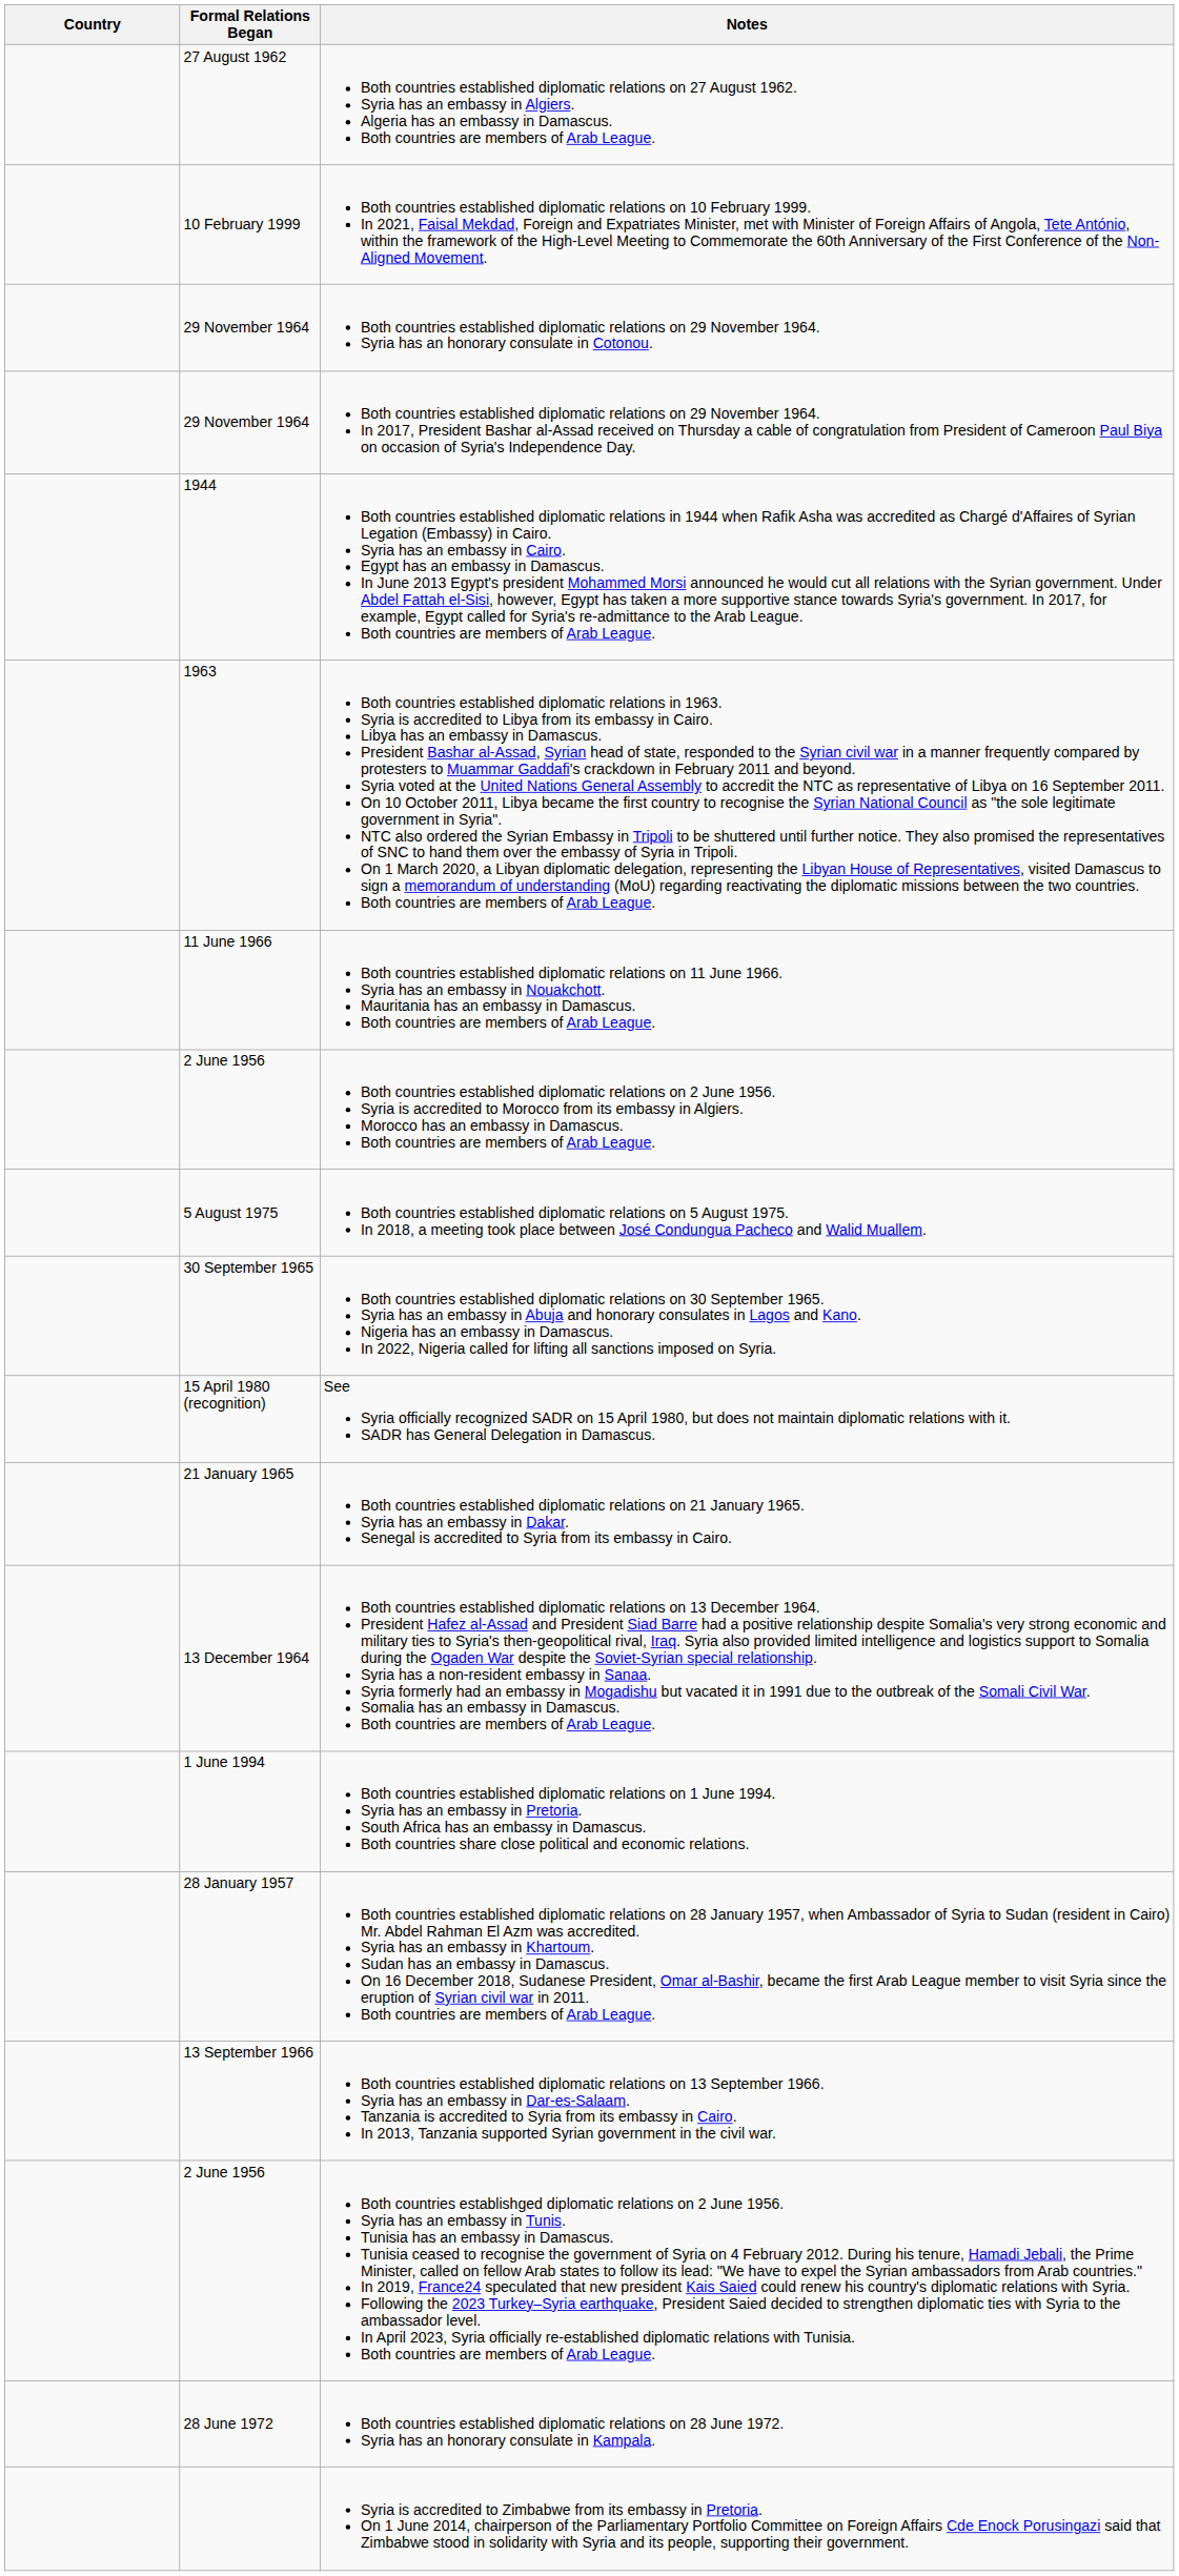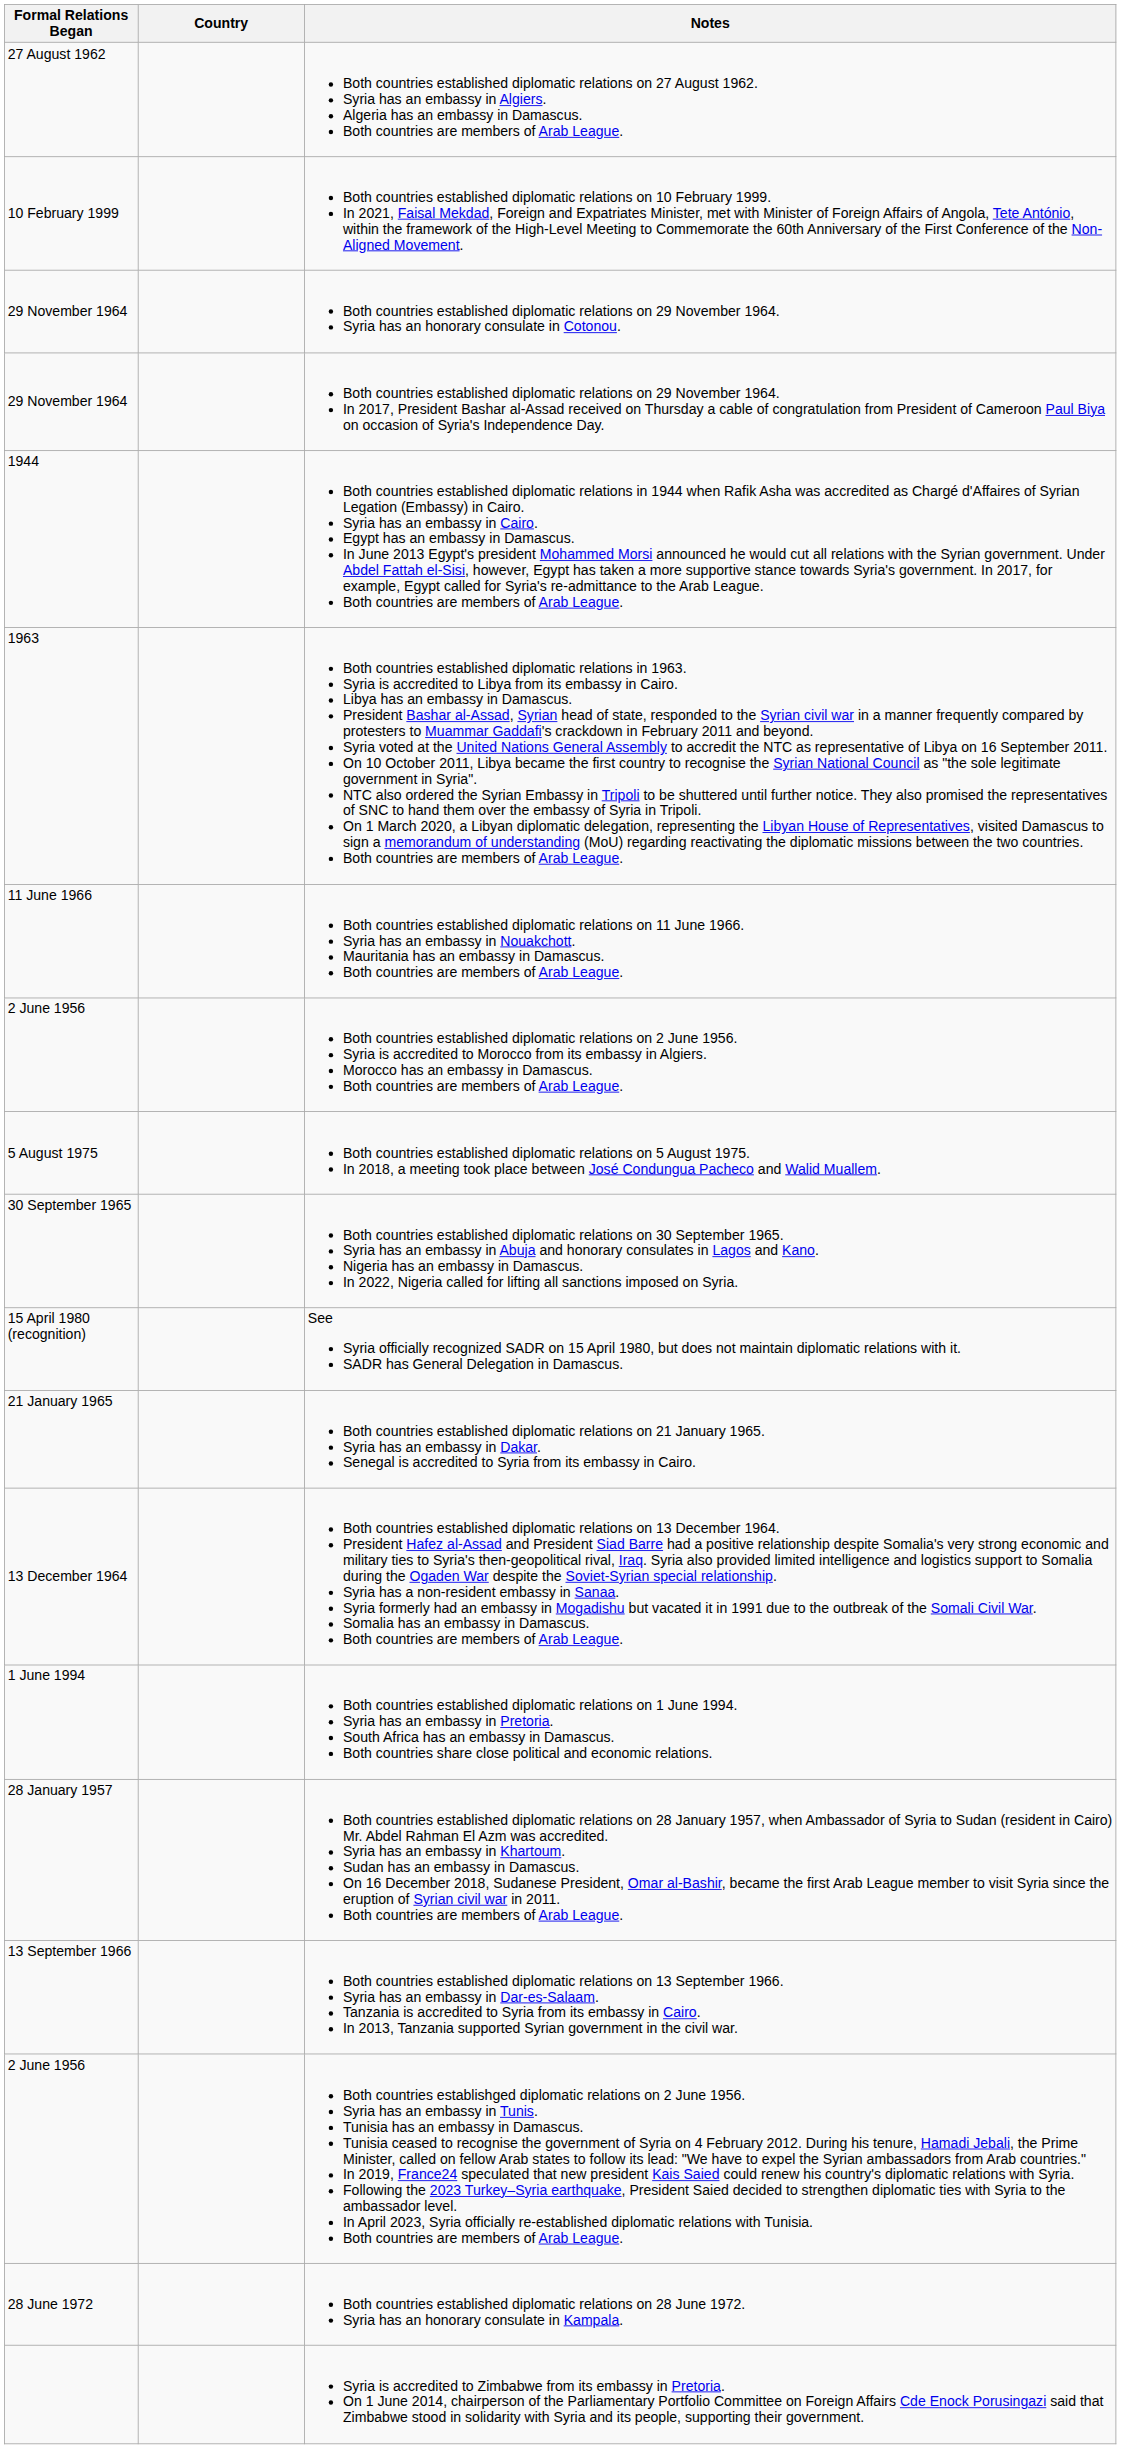 <table class="wikitable sortable" style="width:100%; margin:auto;">
 <tr>
+<th style="width:12%;">Formal Relations Began</th>
 <th style="width:15%;">Country</th>
-<th style="width:12%;">Formal Relations Began</th>
 <th>Notes</th>
 </tr>
 <tr valign="top">
+<td>27 August 1962</td>
 <td></td>
-<td>27 August 1962</td>
 <td><br><ul><li>Both countries established diplomatic relations on 27 August 1962.</li><li>Syria has an embassy in <a href='#'>Algiers</a>.</li><li>Algeria has an embassy in Damascus.</li><li>Both countries are members of <a href='#'>Arab League</a>.</li></ul></td>
 </tr>
 <tr>
+<td>10 February 1999</td>
 <td></td>
-<td>10 February 1999</td>
 <td><br><ul><li>Both countries established diplomatic relations on 10 February 1999.</li><li>In 2021, <a href='#'>Faisal Mekdad</a>, Foreign and Expatriates Minister, met with Minister of Foreign Affairs of Angola, <a href='#'>Tete António</a>, within the framework of the High-Level Meeting to Commemorate the 60th Anniversary of the First Conference of the <a href='#'>Non-Aligned Movement</a>.</li></ul></td>
 </tr>
 <tr>
+<td>29 November 1964</td>
 <td></td>
-<td>29 November 1964</td>
 <td><br><ul><li>Both countries established diplomatic relations on 29 November 1964.</li><li>Syria has an honorary consulate in <a href='#'>Cotonou</a>.</li></ul></td>
 </tr>
 <tr>
+<td>29 November 1964</td>
 <td></td>
-<td>29 November 1964</td>
 <td><br><ul><li>Both countries established diplomatic relations on 29 November 1964.</li><li>In 2017, President Bashar al-Assad received on Thursday a cable of congratulation from President of Cameroon <a href='#'>Paul Biya</a> on occasion of Syria's Independence Day.</li></ul></td>
 </tr>
 <tr valign="top">
+<td>1944</td>
 <td></td>
-<td>1944</td>
 <td><br><ul><li>Both countries established diplomatic relations in 1944 when Rafik Asha was accredited as Chargé d'Affaires of Syrian Legation (Embassy) in Cairo.</li><li>Syria has an embassy in <a href='#'>Cairo</a>.</li><li>Egypt has an embassy in Damascus.</li><li>In June 2013 Egypt's president <a href='#'>Mohammed Morsi</a> announced he would cut all relations with the Syrian government. Under <a href='#'>Abdel Fattah el-Sisi</a>, however, Egypt has taken a more supportive stance towards Syria's government. In 2017, for example, Egypt called for Syria's re-admittance to the Arab League.</li><li>Both countries are members of <a href='#'>Arab League</a>.</li></ul></td>
 </tr>
 <tr valign="top">
+<td>1963</td>
 <td></td>
-<td>1963</td>
 <td><br><ul><li>Both countries established diplomatic relations in 1963.</li><li>Syria is accredited to Libya from its embassy in Cairo.</li><li>Libya has an embassy in Damascus.</li><li>President <a href='#'>Bashar al-Assad</a>, <a href='#'>Syrian</a> head of state, responded to the <a href='#'>Syrian civil war</a> in a manner frequently compared by protesters to <a href='#'>Muammar Gaddafi</a>'s crackdown in February 2011 and beyond.</li><li>Syria voted at the <a href='#'>United Nations General Assembly</a> to accredit the NTC as representative of Libya on 16 September 2011.</li><li>On 10 October 2011, Libya became the first country to recognise the <a href='#'>Syrian National Council</a> as "the sole legitimate government in Syria".</li><li>NTC also ordered the Syrian Embassy in <a href='#'>Tripoli</a> to be shuttered until further notice. They also promised the representatives of SNC to hand them over the embassy of Syria in Tripoli.</li><li>On 1 March 2020, a Libyan diplomatic delegation, representing the <a href='#'>Libyan House of Representatives</a>, visited Damascus to sign a <a href='#'>memorandum of understanding</a> (MoU) regarding reactivating the diplomatic missions between the two countries.</li><li>Both countries are members of <a href='#'>Arab League</a>.</li></ul></td>
 </tr>
 <tr valign="top">
+<td>11 June 1966</td>
 <td></td>
-<td>11 June 1966</td>
 <td><br><ul><li>Both countries established diplomatic relations on 11 June 1966.</li><li>Syria has an embassy in <a href='#'>Nouakchott</a>.</li><li>Mauritania has an embassy in Damascus.</li><li>Both countries are members of <a href='#'>Arab League</a>.</li></ul></td>
 </tr>
 <tr valign="top">
+<td>2 June 1956</td>
 <td></td>
-<td>2 June 1956</td>
 <td><br><ul><li>Both countries established diplomatic relations on 2 June 1956.</li><li>Syria is accredited to Morocco from its embassy in Algiers.</li><li>Morocco has an embassy in Damascus.</li><li>Both countries are members of <a href='#'>Arab League</a>.</li></ul></td>
 </tr>
 <tr>
+<td>5 August 1975</td>
 <td></td>
-<td>5 August 1975</td>
 <td><br><ul><li>Both countries established diplomatic relations on 5 August 1975.</li><li>In 2018, a meeting took place between <a href='#'>José Condungua Pacheco</a> and <a href='#'>Walid Muallem</a>.</li></ul></td>
 </tr>
 <tr valign="top">
+<td>30 September 1965</td>
 <td></td>
-<td>30 September 1965</td>
 <td><br><ul><li>Both countries established diplomatic relations on 30 September 1965.</li><li>Syria has an embassy in <a href='#'>Abuja</a> and honorary consulates in <a href='#'>Lagos</a> and <a href='#'>Kano</a>.</li><li>Nigeria has an embassy in Damascus.</li><li>In 2022, Nigeria called for lifting all sanctions imposed on Syria.</li></ul></td>
 </tr>
 <tr valign="top">
+<td>15 April 1980 (recognition)</td>
 <td></td>
-<td>15 April 1980 (recognition)</td>
 <td>See <br><ul><li>Syria officially recognized SADR on 15 April 1980, but does not maintain diplomatic relations with it.</li><li>SADR has General Delegation in Damascus.</li></ul></td>
 </tr>
 <tr valign="top">
+<td>21 January 1965</td>
 <td></td>
-<td>21 January 1965</td>
 <td><br><ul><li>Both countries established diplomatic relations on 21 January 1965.</li><li>Syria has an embassy in <a href='#'>Dakar</a>.</li><li>Senegal is accredited to Syria from its embassy in Cairo.</li></ul></td>
 </tr>
 <tr>
+<td>13 December 1964</td>
 <td></td>
-<td>13 December 1964</td>
 <td><br><ul><li>Both countries established diplomatic relations on 13 December 1964.</li><li>President <a href='#'>Hafez al-Assad</a> and President <a href='#'>Siad Barre</a> had a positive relationship despite Somalia's very strong economic and military ties to Syria's then-geopolitical rival, <a href='#'>Iraq</a>. Syria also provided limited intelligence and logistics support to Somalia during the <a href='#'>Ogaden War</a> despite the <a href='#'>Soviet-Syrian special relationship</a>.</li><li>Syria has a non-resident embassy in <a href='#'>Sanaa</a>.</li><li>Syria formerly had an embassy in <a href='#'>Mogadishu</a> but vacated it in 1991 due to the outbreak of the <a href='#'>Somali Civil War</a>.</li><li>Somalia has an embassy in Damascus.</li><li>Both countries are members of <a href='#'>Arab League</a>.</li></ul></td>
 </tr>
 <tr valign="top">
+<td>1 June 1994</td>
 <td></td>
-<td>1 June 1994</td>
 <td><br><ul><li>Both countries established diplomatic relations on 1 June 1994.</li><li>Syria has an embassy in <a href='#'>Pretoria</a>.</li><li>South Africa has an embassy in Damascus.</li><li>Both countries share close political and economic relations.</li></ul></td>
 </tr>
 <tr valign="top">
+<td>28 January 1957</td>
 <td></td>
-<td>28 January 1957</td>
 <td><br><ul><li>Both countries established diplomatic relations on 28 January 1957, when Ambassador of Syria to Sudan (resident in Cairo) Mr. Abdel Rahman El Azm was accredited.</li><li>Syria has an embassy in <a href='#'>Khartoum</a>.</li><li>Sudan has an embassy in Damascus.</li><li>On 16 December 2018, Sudanese President, <a href='#'>Omar al-Bashir</a>, became the first Arab League member to visit Syria since the eruption of <a href='#'>Syrian civil war</a> in 2011.</li><li>Both countries are members of <a href='#'>Arab League</a>.</li></ul></td>
 </tr>
 <tr valign="top">
+<td>13 September 1966</td>
 <td></td>
-<td>13 September 1966</td>
 <td><br><ul><li>Both countries established diplomatic relations on 13 September 1966.</li><li>Syria has an embassy in <a href='#'>Dar-es-Salaam</a>.</li><li>Tanzania is accredited to Syria from its embassy in <a href='#'>Cairo</a>.</li><li>In 2013, Tanzania supported Syrian government in the civil war.</li></ul></td>
 </tr>
 <tr valign="top">
+<td>2 June 1956</td>
 <td></td>
-<td>2 June 1956</td>
 <td><br><ul><li>Both countries establishged diplomatic relations on 2 June 1956.</li><li>Syria has an embassy in <a href='#'>Tunis</a>.</li><li>Tunisia has an embassy in Damascus.</li><li>Tunisia ceased to recognise the government of Syria on 4 February 2012. During his tenure, <a href='#'>Hamadi Jebali</a>, the Prime Minister, called on fellow Arab states to follow its lead: "We have to expel the Syrian ambassadors from Arab countries."</li><li>In 2019, <a href='#'>France24</a> speculated that new president <a href='#'>Kais Saied</a> could renew his country's diplomatic relations with Syria.</li><li>Following the <a href='#'>2023 Turkey–Syria earthquake</a>, President Saied decided to strengthen diplomatic ties with Syria to the ambassador level.</li><li>In April 2023, Syria officially re-established diplomatic relations with Tunisia.</li><li>Both countries are members of <a href='#'>Arab League</a>.</li></ul></td>
 </tr>
 <tr>
+<td>28 June 1972</td>
 <td></td>
-<td>28 June 1972</td>
 <td><br><ul><li>Both countries established diplomatic relations on 28 June 1972.</li><li>Syria has an honorary consulate in <a href='#'>Kampala</a>.</li></ul></td>
 </tr>
 <tr>
 <td></td>
 <td></td>
 <td><br><ul><li>Syria is accredited to Zimbabwe from its embassy in <a href='#'>Pretoria</a>.</li><li>On 1 June 2014, chairperson of the Parliamentary Portfolio Committee on Foreign Affairs <a href='#'>Cde Enock Porusingazi</a> said that Zimbabwe stood in solidarity with Syria and its people, supporting their government.</li></ul></td>
 </tr>
 </table>
